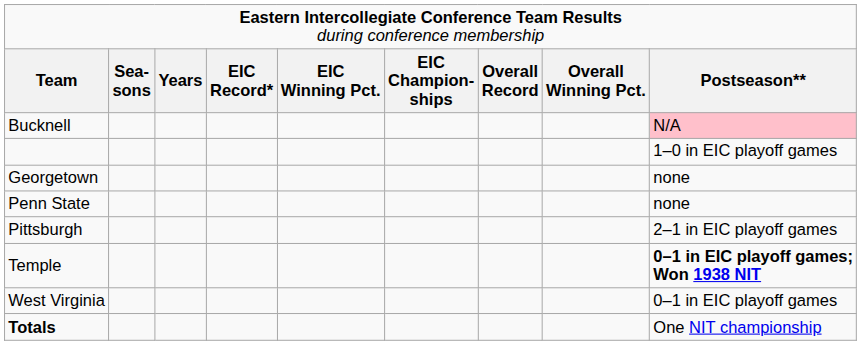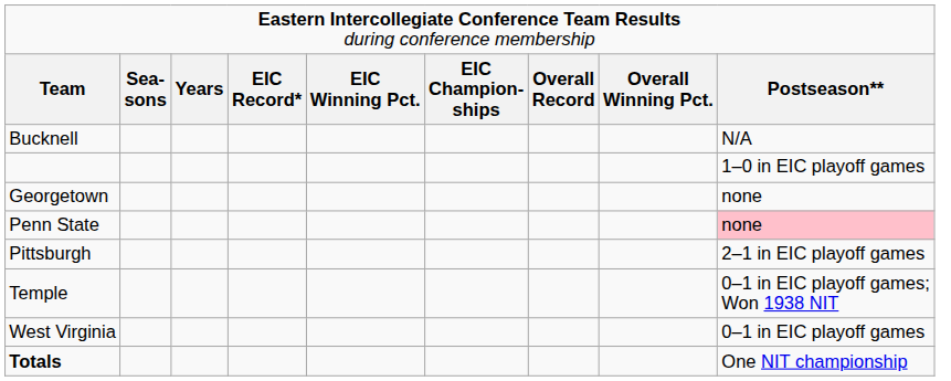 <table class="wikitable">
 <tr>
 <td colspan="10" style="text-align:center;"><strong>Eastern Intercollegiate Conference Team Results</strong><br><em>during conference membership</em></td>
 </tr>
 <tr>
 <th>Team</th>
 <th>Sea-<br>sons</th>
 <th>Years</th>
 <th>EIC<br>Record*</th>
 <th>EIC<br>Winning Pct.</th>
 <th>EIC<br>Champion-<br>ships</th>
 <th>Overall<br>Record</th>
 <th>Overall<br>Winning Pct.</th>
 <th>Postseason**</th>
 </tr>
 <tr>
 <td>Bucknell</td>
 <td></td>
 <td></td>
 <td></td>
 <td></td>
 <td></td>
 <td></td>
 <td></td>
-<td style="background: pink;">N/A</td>
+<td>N/A</td>
 </tr>
 <tr>
 <td></td>
 <td></td>
 <td></td>
 <td></td>
 <td></td>
 <td></td>
 <td></td>
 <td></td>
 <td>1–0 in EIC playoff games</td>
 </tr>
 <tr>
 <td>Georgetown</td>
 <td></td>
 <td></td>
 <td></td>
 <td></td>
 <td></td>
 <td></td>
 <td></td>
 <td>none</td>
 </tr>
 <tr>
 <td>Penn State</td>
 <td></td>
 <td></td>
 <td></td>
 <td></td>
 <td></td>
 <td></td>
 <td></td>
-<td>none</td>
+<td style="background: pink;">none</td>
 </tr>
 <tr>
 <td>Pittsburgh</td>
 <td></td>
 <td></td>
 <td></td>
 <td></td>
 <td></td>
 <td></td>
 <td></td>
 <td>2–1 in EIC playoff games</td>
 </tr>
 <tr>
 <td>Temple</td>
 <td></td>
 <td></td>
 <td></td>
 <td></td>
 <td></td>
 <td></td>
 <td></td>
-<td><strong>0–1 in EIC playoff games;<br>Won <a href='#'>1938 NIT</a></strong></td>
+<td>0–1 in EIC playoff games;<br>Won <a href='#'>1938 NIT</a></td>
 </tr>
 <tr>
 <td>West Virginia</td>
 <td></td>
 <td></td>
 <td></td>
 <td></td>
 <td></td>
 <td></td>
 <td></td>
 <td>0–1 in EIC playoff games</td>
 </tr>
 <tr>
 <td><strong>Totals</strong></td>
 <td></td>
 <td></td>
 <td></td>
 <td></td>
 <td></td>
 <td></td>
 <td></td>
 <td>One <a href='#'>NIT championship</a></td>
 </tr>
 </table>
